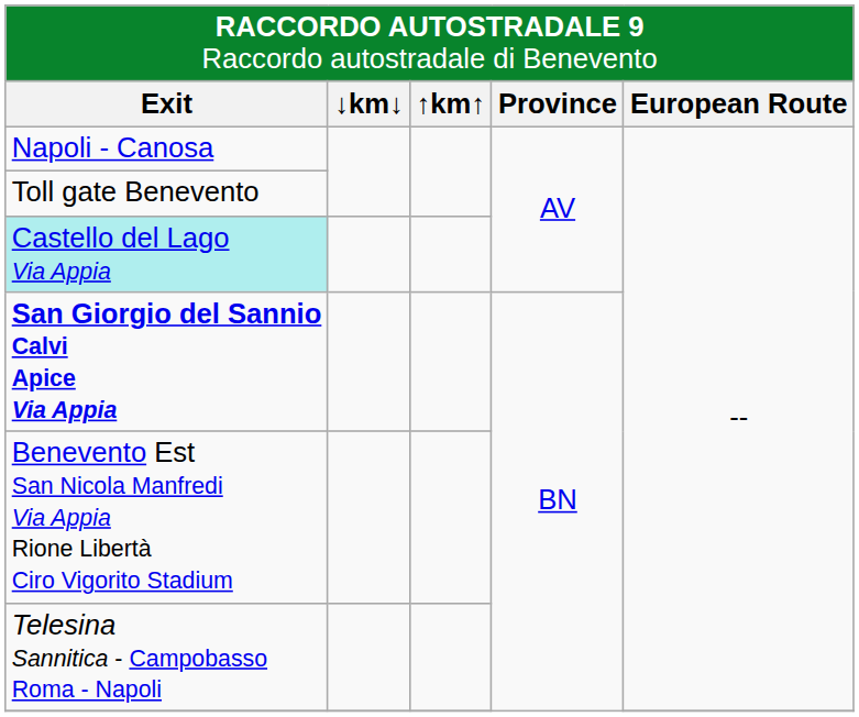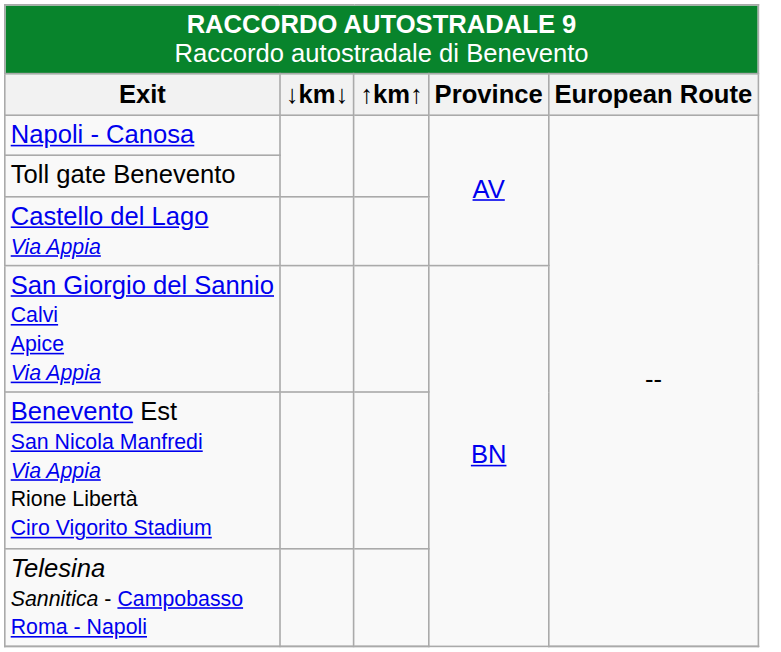 <table class="wikitable" border="1">
 <tr align="center" bgcolor="08842C" style="color: white;font-size:100%;">
 <td colspan="6"><strong> RACCORDO AUTOSTRADALE 9</strong><br>Raccordo autostradale di Benevento</td>
 </tr>
 <tr>
 <th style="text-align:center;"><strong>Exit</strong></th>
 <th style="text-align:center;"><strong>↓km↓</strong></th>
 <th style="text-align:center;"><strong>↑km↑</strong></th>
 <th align="center"><strong>Province</strong></th>
 <th align="center"><strong>European Route</strong></th>
 </tr>
 <tr>
 <td>   <a href='#'>Napoli - Canosa</a></td>
 <td rowspan="2" align="right"></td>
 <td rowspan="2" align="right"></td>
 <td align="center" rowspan=3><a href='#'>AV</a></td>
 <td align="center" rowspan=6>--</td>
 </tr>
 <tr>
 <td> Toll gate Benevento</td>
 </tr>
 <tr>
-<td style="background: paleturquoise;"> <a href='#'>Castello del Lago</a><br><small> <em><a href='#'>Via Appia</a></em> </small></td>
+<td> <a href='#'>Castello del Lago</a><br><small> <em><a href='#'>Via Appia</a></em> </small></td>
 <td align="right"></td>
 <td align="right"></td>
 </tr>
 <tr>
-<td><strong> <a href='#'>San Giorgio del Sannio</a><br><small><a href='#'>Calvi</a><br><a href='#'>Apice</a><br> <em><a href='#'>Via Appia</a></em></small></strong></td>
+<td> <a href='#'>San Giorgio del Sannio</a><br><small><a href='#'>Calvi</a><br><a href='#'>Apice</a><br> <em><a href='#'>Via Appia</a></em></small></td>
 <td align="right"></td>
 <td align="right"></td>
 <td align="center" rowspan=5><a href='#'>BN</a></td>
 </tr>
 <tr>
 <td> <a href='#'>Benevento</a> Est<br><small><a href='#'>San Nicola Manfredi</a><br> <em><a href='#'>Via Appia</a></em><br>Rione Libertà<br> <a href='#'>Ciro Vigorito Stadium</a> </small></td>
 <td align="right"></td>
 <td align="right"></td>
 </tr>
 <tr>
 <td>   <em>Telesina</em><br><small> <em>Sannitica</em> - <a href='#'>Campobasso</a><br>  <a href='#'>Roma - Napoli</a></small></td>
 <td align="right"></td>
 <td align="right"></td>
 </tr>
 <tr>
 </tr>
 </table>
